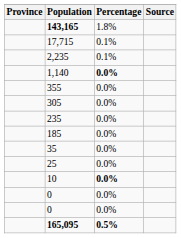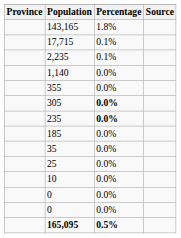 <table class="wikitable sortable">
 <tr>
 </tr>
 <tr>
 <th>Province</th>
 <th>Population</th>
 <th>Percentage</th>
 <th>Source</th>
 </tr>
 <tr>
 <td></td>
-<td><strong>143,165</strong></td>
+<td>143,165</td>
 <td>1.8%</td>
 <td></td>
 </tr>
 <tr>
 <td></td>
 <td>17,715</td>
 <td>0.1%</td>
 <td></td>
 </tr>
 <tr>
 <td></td>
 <td>2,235</td>
 <td>0.1%</td>
 <td></td>
 </tr>
 <tr>
 <td></td>
 <td>1,140</td>
-<td><strong>0.0%</strong></td>
+<td>0.0%</td>
 <td></td>
 </tr>
 <tr>
 <td></td>
 <td>355</td>
 <td>0.0%</td>
 <td></td>
 </tr>
 <tr>
 <td></td>
 <td>305</td>
-<td>0.0%</td>
+<td><strong>0.0%</strong></td>
 <td></td>
 </tr>
 <tr>
 <td></td>
 <td>235</td>
-<td>0.0%</td>
+<td><strong>0.0%</strong></td>
 <td></td>
 </tr>
 <tr>
 <td></td>
 <td>185</td>
 <td>0.0%</td>
 <td></td>
 </tr>
 <tr>
 <td></td>
 <td>35</td>
 <td>0.0%</td>
 <td></td>
 </tr>
 <tr>
 <td></td>
 <td>25</td>
 <td>0.0%</td>
 <td></td>
 </tr>
 <tr>
 <td></td>
 <td>10</td>
-<td><strong>0.0%</strong></td>
+<td>0.0%</td>
 <td></td>
 </tr>
 <tr>
 <td></td>
 <td>0</td>
 <td>0.0%</td>
 <td></td>
 </tr>
 <tr>
 <td></td>
 <td>0</td>
 <td>0.0%</td>
 <td></td>
 </tr>
 <tr>
 <td></td>
 <td><strong>165,095</strong></td>
 <td><strong>0.5%</strong></td>
 <td></td>
 </tr>
 </table>
